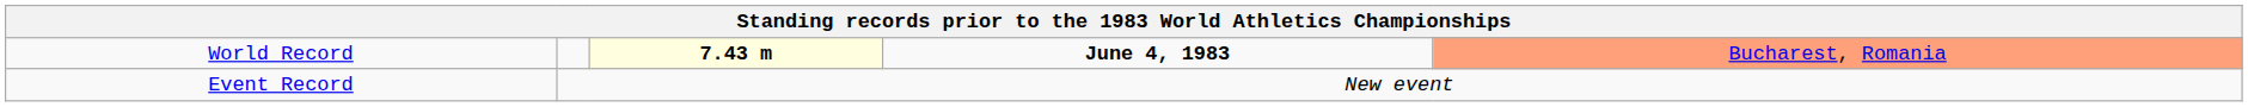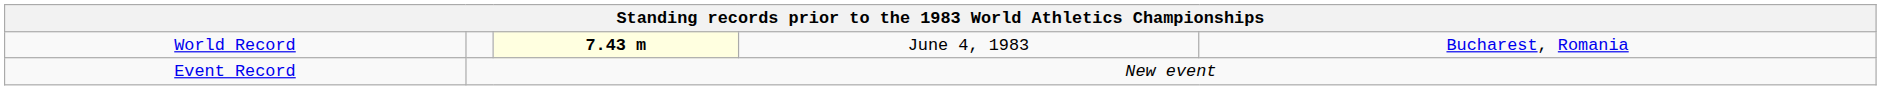 <table class="wikitable" style=" text-align:center; font-size:110%;" width="80%">
 <tr>
 <th colspan="5">Standing records prior to the 1983 World Athletics Championships</th>
 </tr>
 <tr>
 <td><a href='#'>World Record</a></td>
 <td></td>
 <td style="background: lightyellow;"><strong>7.43 m</strong></td>
-<td><strong>June 4, 1983</strong></td>
-<td style="background: lightsalmon;"> <a href='#'>Bucharest</a>, <a href='#'>Romania</a></td>
+<td>June 4, 1983</td>
+<td> <a href='#'>Bucharest</a>, <a href='#'>Romania</a></td>
 </tr>
 <tr>
 <td><a href='#'>Event Record</a></td>
 <td colspan="4"><em>New event</em></td>
 </tr>
 </table>
